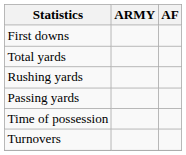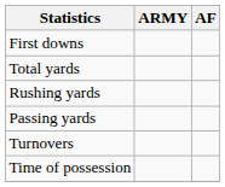 <table class="wikitable">
 <tr>
 <th>Statistics</th>
 <th>ARMY</th>
 <th>AF</th>
 </tr>
 <tr>
 <td>First downs</td>
 <td></td>
 <td></td>
 </tr>
 <tr>
 <td>Total yards</td>
 <td></td>
 <td></td>
 </tr>
 <tr>
 <td>Rushing yards</td>
 <td></td>
 <td></td>
 </tr>
 <tr>
 <td>Passing yards</td>
 <td></td>
 <td></td>
 </tr>
 <tr>
-<td>Time of possession</td>
+<td>Turnovers</td>
 <td></td>
 <td></td>
 </tr>
 <tr>
-<td>Turnovers</td>
+<td>Time of possession</td>
 <td></td>
 <td></td>
 </tr>
 <tr>
 </tr>
 </table>
